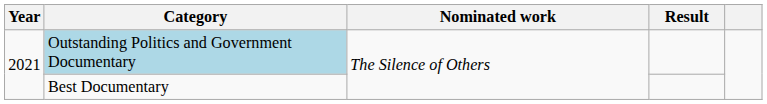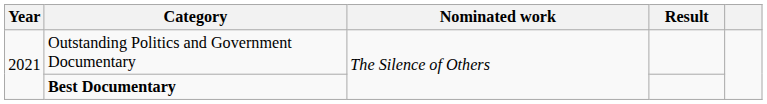 <table class="wikitable" style="width:85%;">
 <tr>
 <th width=5%>Year</th>
 <th style="width:40%;">Category</th>
 <th style="width:40%;">Nominated work</th>
 <th style="width:10%;">Result</th>
 <th width=5%></th>
 </tr>
 <tr>
 <td rowspan="2">2021</td>
-<td style="background: lightblue;">Outstanding Politics and Government Documentary</td>
+<td>Outstanding Politics and Government Documentary</td>
 <td rowspan="2"><em>The Silence of Others</em></td>
 <td></td>
 <td rowspan="2"></td>
 </tr>
 <tr>
-<td>Best Documentary</td>
+<td><strong>Best Documentary</strong></td>
 <td></td>
 </tr>
 </table>
